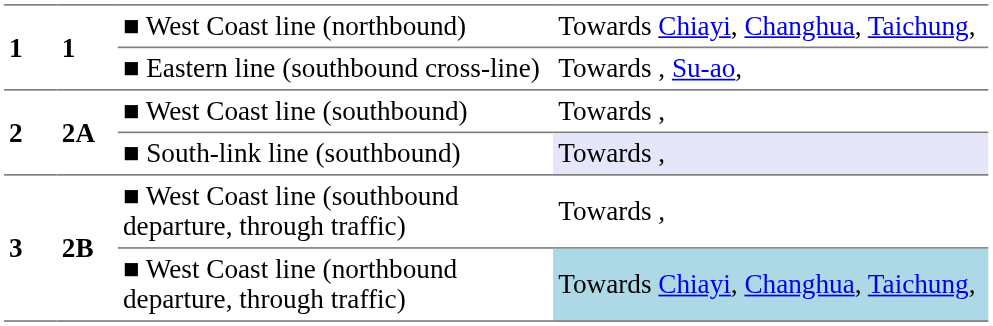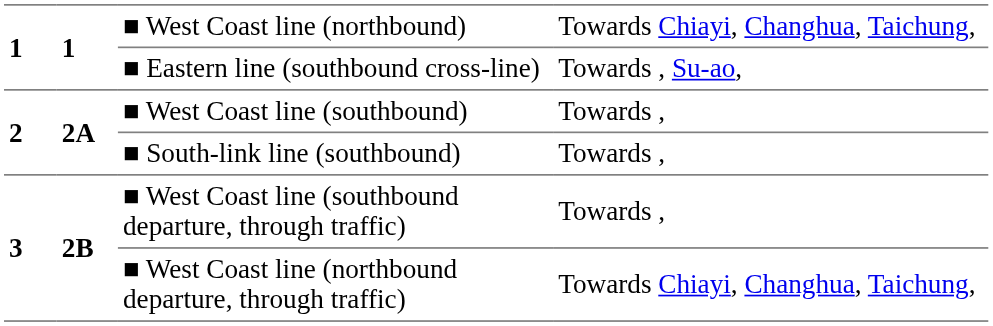 <table border=0 cellspacing=0 cellpadding=3>
 <tr>
 <td width=25 style="border-top:solid 1px gray; border-bottom:solid 1px gray;" rowspan=2><strong>1</strong></td>
 <td width=30 style="border-top:solid 1px gray; border-bottom:solid 1px gray;" rowspan=2><strong>1</strong></td>
 <td width=250 style="border-top:solid 1px gray; border-bottom:solid 1px gray;"><span>■</span> West Coast line (northbound)</td>
 <td width=250 style="border-top:solid 1px gray; border-bottom:solid 1px gray;">Towards <a href='#'>Chiayi</a>, <a href='#'>Changhua</a>, <a href='#'>Taichung</a>, </td>
 </tr>
 <tr>
 <td style="border-bottom:solid 1px gray;"><span>■</span> Eastern line (southbound cross-line)</td>
 <td style="border-bottom:solid 1px gray;">Towards , <a href='#'>Su-ao</a>, </td>
 </tr>
 <tr>
 <td style="border-bottom:solid 1px gray;" rowspan=2><strong>2</strong></td>
 <td style="border-bottom:solid 1px gray;" rowspan=2><strong>2A</strong></td>
 <td style="border-bottom:solid 1px gray;"><span>■</span> West Coast line (southbound)</td>
 <td style="border-bottom:solid 1px gray;">Towards , </td>
 </tr>
 <tr>
 <td style="border-bottom:solid 1px gray;"><span>■</span> South-link line (southbound)</td>
-<td style="background: lavender; border-bottom:solid 1px gray;">Towards , </td>
+<td style="border-bottom:solid 1px gray;">Towards , </td>
 </tr>
 <tr>
 <td style="border-bottom:solid 1px gray;" rowspan=2><strong>3</strong></td>
 <td style="border-bottom:solid 1px gray;" rowspan=2><strong>2B</strong></td>
 <td style="border-bottom:solid 1px gray;"><span>■</span> West Coast line (southbound departure, through traffic)</td>
 <td style="border-bottom:solid 1px gray;">Towards , </td>
 </tr>
 <tr>
 <td style="border-bottom:solid 1px gray;"><span>■</span> West Coast line (northbound departure, through traffic)</td>
-<td style="background: lightblue; border-bottom:solid 1px gray;">Towards <a href='#'>Chiayi</a>, <a href='#'>Changhua</a>, <a href='#'>Taichung</a>, </td>
+<td style="border-bottom:solid 1px gray;">Towards <a href='#'>Chiayi</a>, <a href='#'>Changhua</a>, <a href='#'>Taichung</a>, </td>
 </tr>
 <tr>
 </tr>
 </table>
